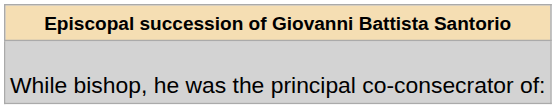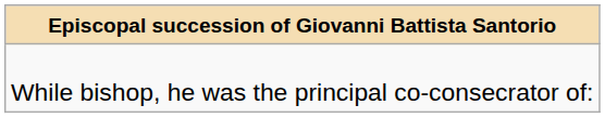 <table role="presentation" class="wikitable mw-collapsible mw-collapsed"|>
 <tr>
 <th style="background:#F5DEB3"><small>Episcopal succession of Giovanni Battista Santorio</small></th>
 </tr>
 <tr>
-<td style="background: lightgrey;"><br>While bishop, he was the principal co-consecrator of: </td>
+<td><br>While bishop, he was the principal co-consecrator of: </td>
 </tr>
 </table>
